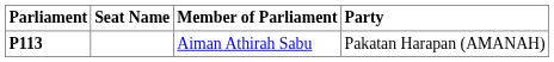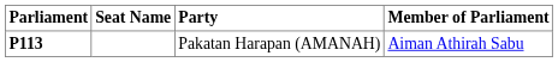 <table class="toccolours sortable" border="1" cellpadding="3" style="border-collapse:collapse; text-align: left;">
 <tr>
 <th align="center">Parliament</th>
 <th>Seat Name</th>
+<th>Party</th>
 <th>Member of Parliament</th>
-<th>Party</th>
 </tr>
 <tr>
 <th>P113</th>
 <td></td>
+<td>Pakatan Harapan (AMANAH)</td>
 <td><a href='#'>Aiman Athirah Sabu</a></td>
-<td>Pakatan Harapan (AMANAH)</td>
 </tr>
 </table>
